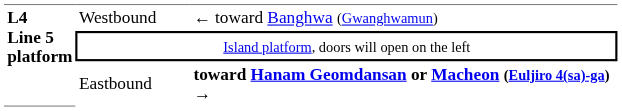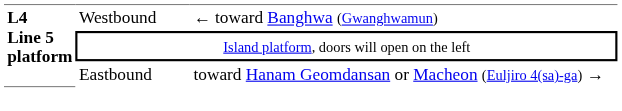 <table table border=0 cellspacing=0 cellpadding=3>
 <tr>
 <td style="border-top:solid 1px gray;border-bottom:solid 1px gray;" width=50 rowspan=10 valign=top><strong>L4<br>Line 5 platform</strong></td>
 <td style="border-bottom:solid 0px gray;border-top:solid 1px gray;" width=100>Westbound</td>
 <td style="border-bottom:solid 0px gray;border-top:solid 1px gray;" width=390>←  toward <a href='#'>Banghwa</a> <small>(<a href='#'>Gwanghwamun</a>)</small></td>
 </tr>
 <tr>
 <td style="border-top:solid 2px black;border-right:solid 2px black;border-left:solid 2px black;border-bottom:solid 2px black;text-align:center;" colspan=2><small><a href='#'>Island platform</a>, doors will open on the left</small></td>
 </tr>
 <tr>
 <td>Eastbound</td>
-<td><strong>  toward <a href='#'>Hanam Geomdansan</a> or <a href='#'>Macheon</a> <small>(<a href='#'>Euljiro 4(sa)-ga</a>)</small> →</strong></td>
+<td>  toward <a href='#'>Hanam Geomdansan</a> or <a href='#'>Macheon</a> <small>(<a href='#'>Euljiro 4(sa)-ga</a>)</small> →</td>
 </tr>
 </table>
